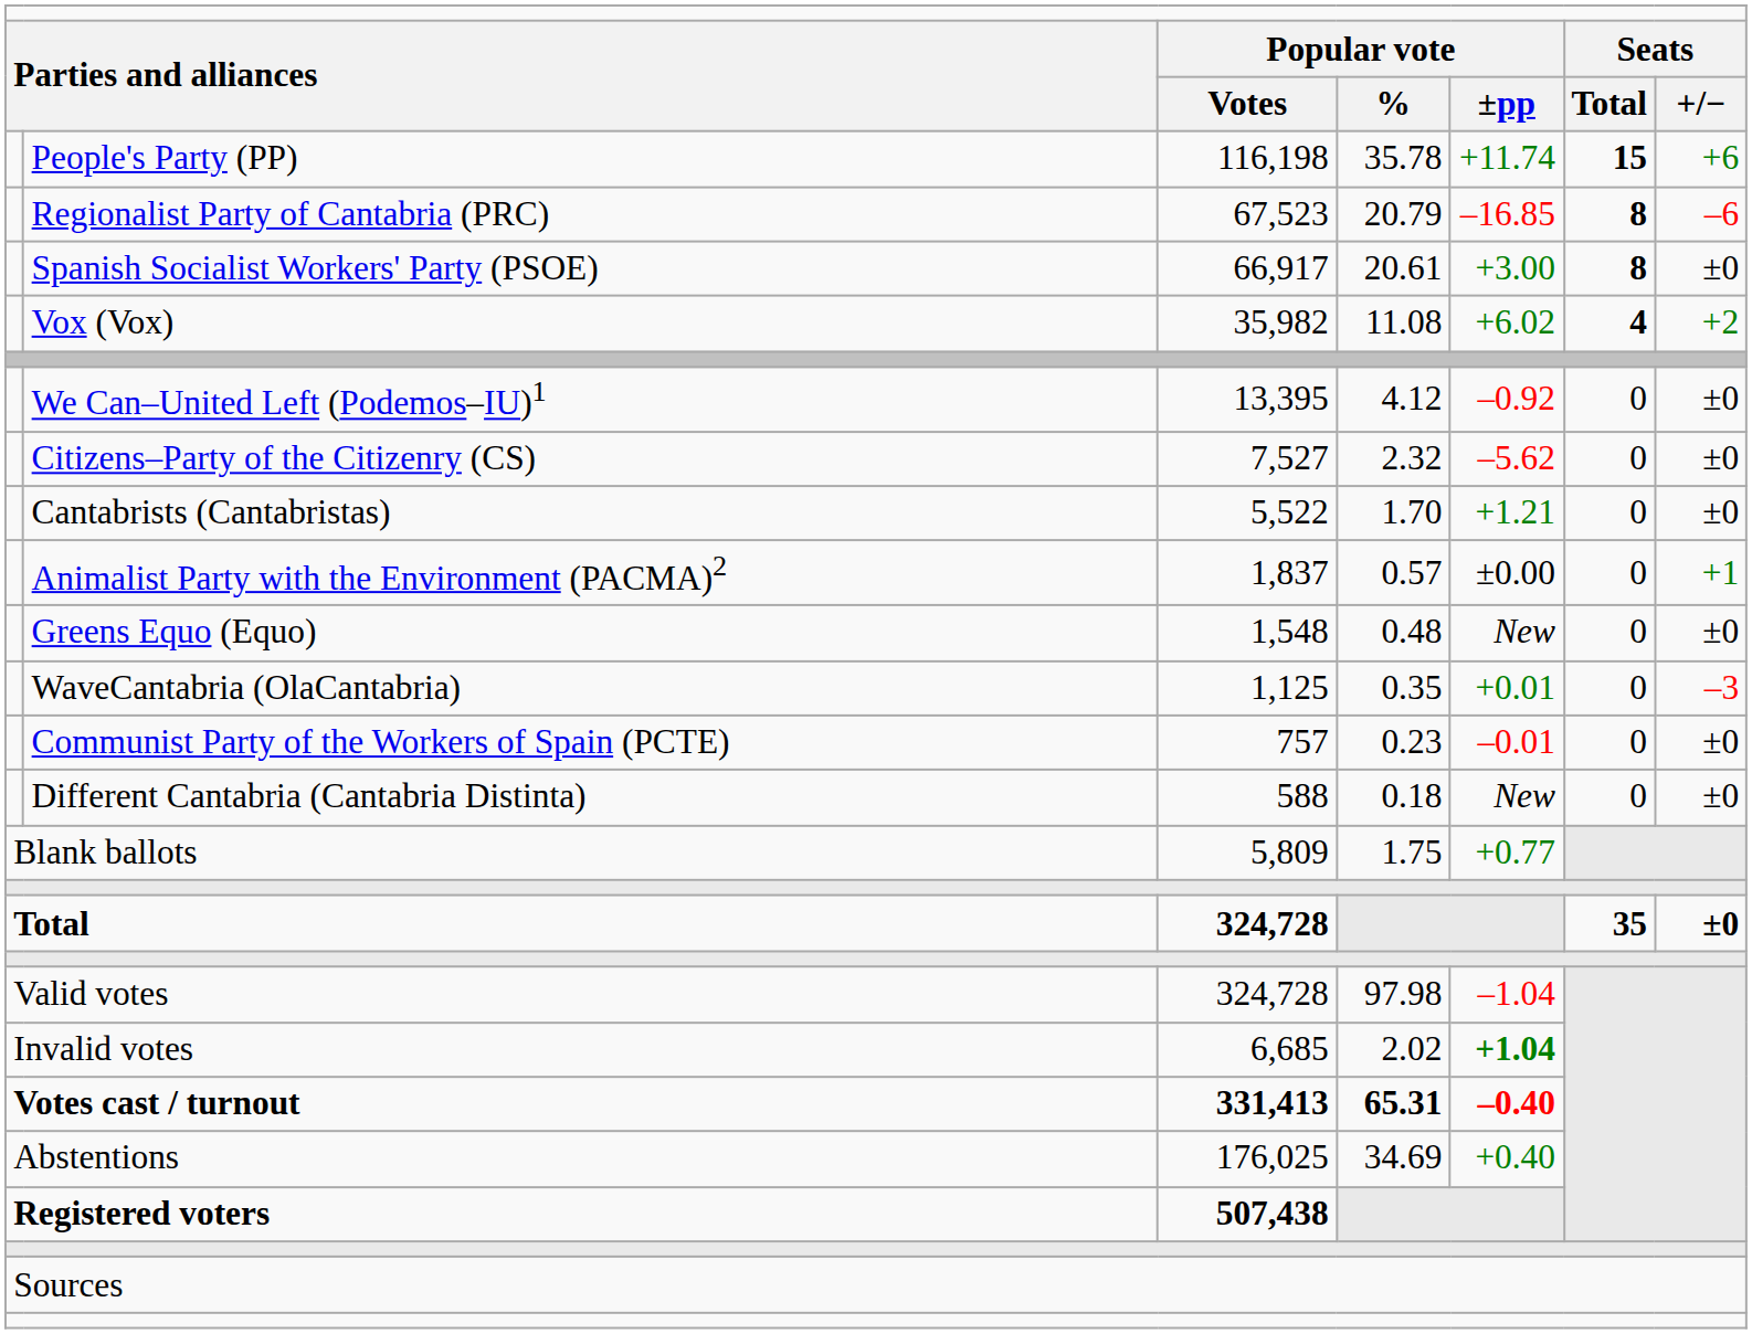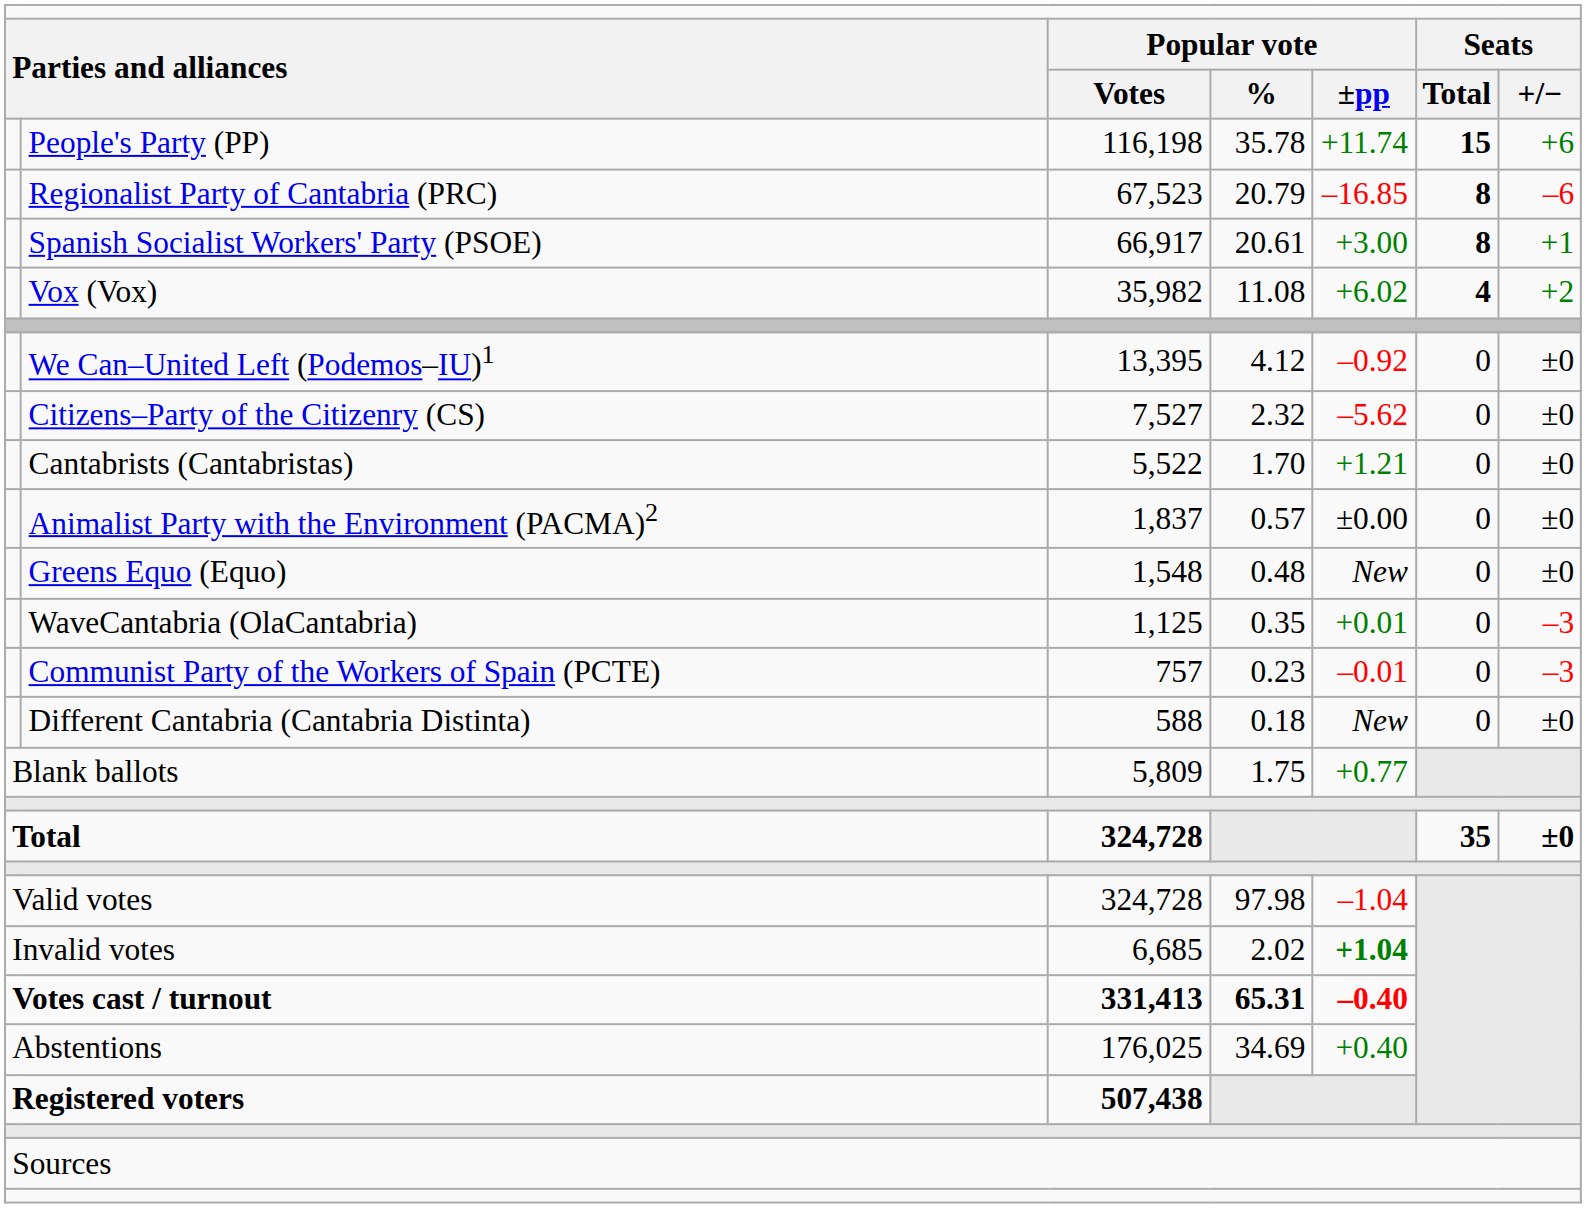 <table class="wikitable" style="text-align:right;">
 <tr>
 <td colspan="7"></td>
 </tr>
 <tr>
 <th style="text-align:left;" rowspan="2" colspan="2" width="525">Parties and alliances</th>
 <th colspan="3">Popular vote</th>
 <th colspan="2">Seats</th>
 </tr>
 <tr>
 <th width="75">Votes</th>
 <th width="45">%</th>
 <th width="45">±<a href='#'>pp</a></th>
 <th width="35">Total</th>
 <th width="35">+/−</th>
 </tr>
 <tr>
 <td width="1" style="color:inherit;background:"></td>
 <td align="left"><a href='#'>People's Party</a> (PP)</td>
 <td>116,198</td>
 <td>35.78</td>
 <td style="color:green;">+11.74</td>
 <td><strong>15</strong></td>
 <td style="color:green;">+6</td>
 </tr>
 <tr>
 <td style="color:inherit;background:"></td>
 <td align="left"><a href='#'>Regionalist Party of Cantabria</a> (PRC)</td>
 <td>67,523</td>
 <td>20.79</td>
 <td style="color:red;">–16.85</td>
 <td><strong>8</strong></td>
 <td style="color:red;">–6</td>
 </tr>
 <tr>
 <td style="color:inherit;background:"></td>
 <td align="left"><a href='#'>Spanish Socialist Workers' Party</a> (PSOE)</td>
 <td>66,917</td>
 <td>20.61</td>
 <td style="color:green;">+3.00</td>
 <td><strong>8</strong></td>
-<td>±0</td>
+<td style="color:green;">+1</td>
 </tr>
 <tr>
 <td style="color:inherit;background:"></td>
 <td align="left"><a href='#'>Vox</a> (Vox)</td>
 <td>35,982</td>
 <td>11.08</td>
 <td style="color:green;">+6.02</td>
 <td><strong>4</strong></td>
 <td style="color:green;">+2</td>
 </tr>
 <tr>
 <td colspan="7" bgcolor="#C0C0C0"></td>
 </tr>
 <tr>
 <td style="color:inherit;background:"></td>
 <td align="left"><a href='#'>We Can–United Left</a> (<a href='#'>Podemos</a>–<a href='#'>IU</a>)<sup>1</sup></td>
 <td>13,395</td>
 <td>4.12</td>
 <td style="color:red;">–0.92</td>
 <td>0</td>
 <td>±0</td>
 </tr>
 <tr>
 <td style="color:inherit;background:"></td>
 <td align="left"><a href='#'>Citizens–Party of the Citizenry</a> (CS)</td>
 <td>7,527</td>
 <td>2.32</td>
 <td style="color:red;">–5.62</td>
 <td>0</td>
 <td>±0</td>
 </tr>
 <tr>
 <td style="color:inherit;background:"></td>
 <td align="left">Cantabrists (Cantabristas)</td>
 <td>5,522</td>
 <td>1.70</td>
 <td style="color:green;">+1.21</td>
 <td>0</td>
 <td>±0</td>
 </tr>
 <tr>
 <td style="color:inherit;background:"></td>
 <td align="left"><a href='#'>Animalist Party with the Environment</a> (PACMA)<sup>2</sup></td>
 <td>1,837</td>
 <td>0.57</td>
 <td>±0.00</td>
 <td>0</td>
-<td style="color:green;">+1</td>
+<td>±0</td>
 </tr>
 <tr>
 <td style="color:inherit;background:"></td>
 <td align="left"><a href='#'>Greens Equo</a> (Equo)</td>
 <td>1,548</td>
 <td>0.48</td>
 <td><em>New</em></td>
 <td>0</td>
 <td>±0</td>
 </tr>
 <tr>
 <td style="color:inherit;background:"></td>
 <td align="left">WaveCantabria (OlaCantabria)</td>
 <td>1,125</td>
 <td>0.35</td>
 <td style="color:green;">+0.01</td>
 <td>0</td>
 <td style="color:red;">–3</td>
 </tr>
 <tr>
 <td style="color:inherit;background:"></td>
 <td align="left"><a href='#'>Communist Party of the Workers of Spain</a> (PCTE)</td>
 <td>757</td>
 <td>0.23</td>
 <td style="color:red;">–0.01</td>
 <td>0</td>
-<td>±0</td>
+<td style="color:red;">–3</td>
 </tr>
 <tr>
 <td style="color:inherit;background:"></td>
 <td align="left">Different Cantabria (Cantabria Distinta)</td>
 <td>588</td>
 <td>0.18</td>
 <td><em>New</em></td>
 <td>0</td>
 <td>±0</td>
 </tr>
 <tr>
 <td align="left" colspan="2">Blank ballots</td>
 <td>5,809</td>
 <td>1.75</td>
 <td style="color:green;">+0.77</td>
 <td bgcolor="#E9E9E9" colspan="2"></td>
 </tr>
 <tr>
 <td colspan="7" bgcolor="#E9E9E9"></td>
 </tr>
 <tr style="font-weight:bold;">
 <td align="left" colspan="2">Total</td>
 <td>324,728</td>
 <td bgcolor="#E9E9E9" colspan="2"></td>
 <td>35</td>
 <td>±0</td>
 </tr>
 <tr>
 <td colspan="7" bgcolor="#E9E9E9"></td>
 </tr>
 <tr>
 <td align="left" colspan="2">Valid votes</td>
 <td>324,728</td>
 <td>97.98</td>
 <td style="color:red;">–1.04</td>
 <td bgcolor="#E9E9E9" colspan="2" rowspan="5"></td>
 </tr>
 <tr>
 <td align="left" colspan="2">Invalid votes</td>
 <td>6,685</td>
 <td>2.02</td>
 <td style="color:green;"><strong>+1.04</strong></td>
 </tr>
 <tr style="font-weight:bold;">
 <td align="left" colspan="2">Votes cast / turnout</td>
 <td>331,413</td>
 <td>65.31</td>
 <td style="color:red;">–0.40</td>
 </tr>
 <tr>
 <td align="left" colspan="2">Abstentions</td>
 <td>176,025</td>
 <td>34.69</td>
 <td style="color:green;">+0.40</td>
 </tr>
 <tr style="font-weight:bold;">
 <td align="left" colspan="2">Registered voters</td>
 <td>507,438</td>
 <td bgcolor="#E9E9E9" colspan="2"></td>
 </tr>
 <tr>
 <td colspan="7" bgcolor="#E9E9E9"></td>
 </tr>
 <tr>
 <td align="left" colspan="7">Sources</td>
 </tr>
 <tr>
 <td colspan="7" style="text-align:left; max-width:790px;"></td>
 </tr>
 </table>
